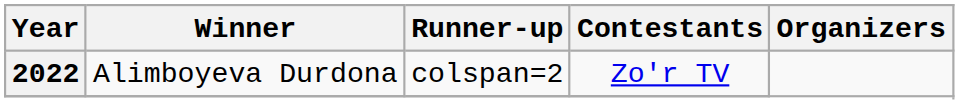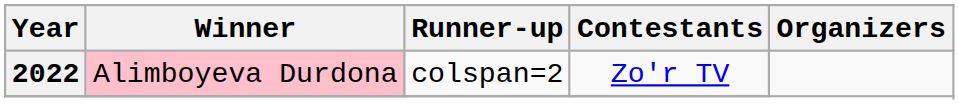 <table class="wikitable" style="text-align:center;">
 <tr>
 <th>Year</th>
 <th>Winner</th>
 <th>Runner-up</th>
 <th>Contestants</th>
 <th>Organizers</th>
 </tr>
 <tr>
 <th>2022</th>
-<td>Alimboyeva Durdona</td>
+<td style="background: pink;">Alimboyeva Durdona</td>
 <td>colspan=2 </td>
 <td><a href='#'>Zo'r TV</a></td>
 </tr>
 <tr>
 </tr>
 </table>
